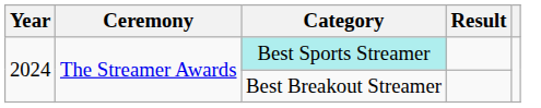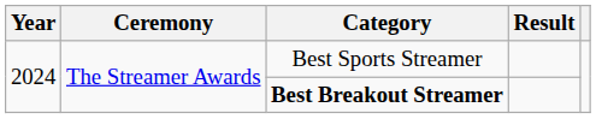 <table class="wikitable" style="text-align:center;">
 <tr>
 <th>Year</th>
 <th>Ceremony</th>
 <th>Category</th>
 <th>Result</th>
 <th></th>
 </tr>
 <tr>
 <td rowspan="2">2024</td>
 <td rowspan="2"><a href='#'>The Streamer Awards</a></td>
-<td style="background: paleturquoise;">Best Sports Streamer</td>
+<td>Best Sports Streamer</td>
 <td></td>
 <td rowspan="2"></td>
 </tr>
 <tr>
-<td>Best Breakout Streamer</td>
+<td><strong>Best Breakout Streamer</strong></td>
 <td></td>
 </tr>
 </table>
